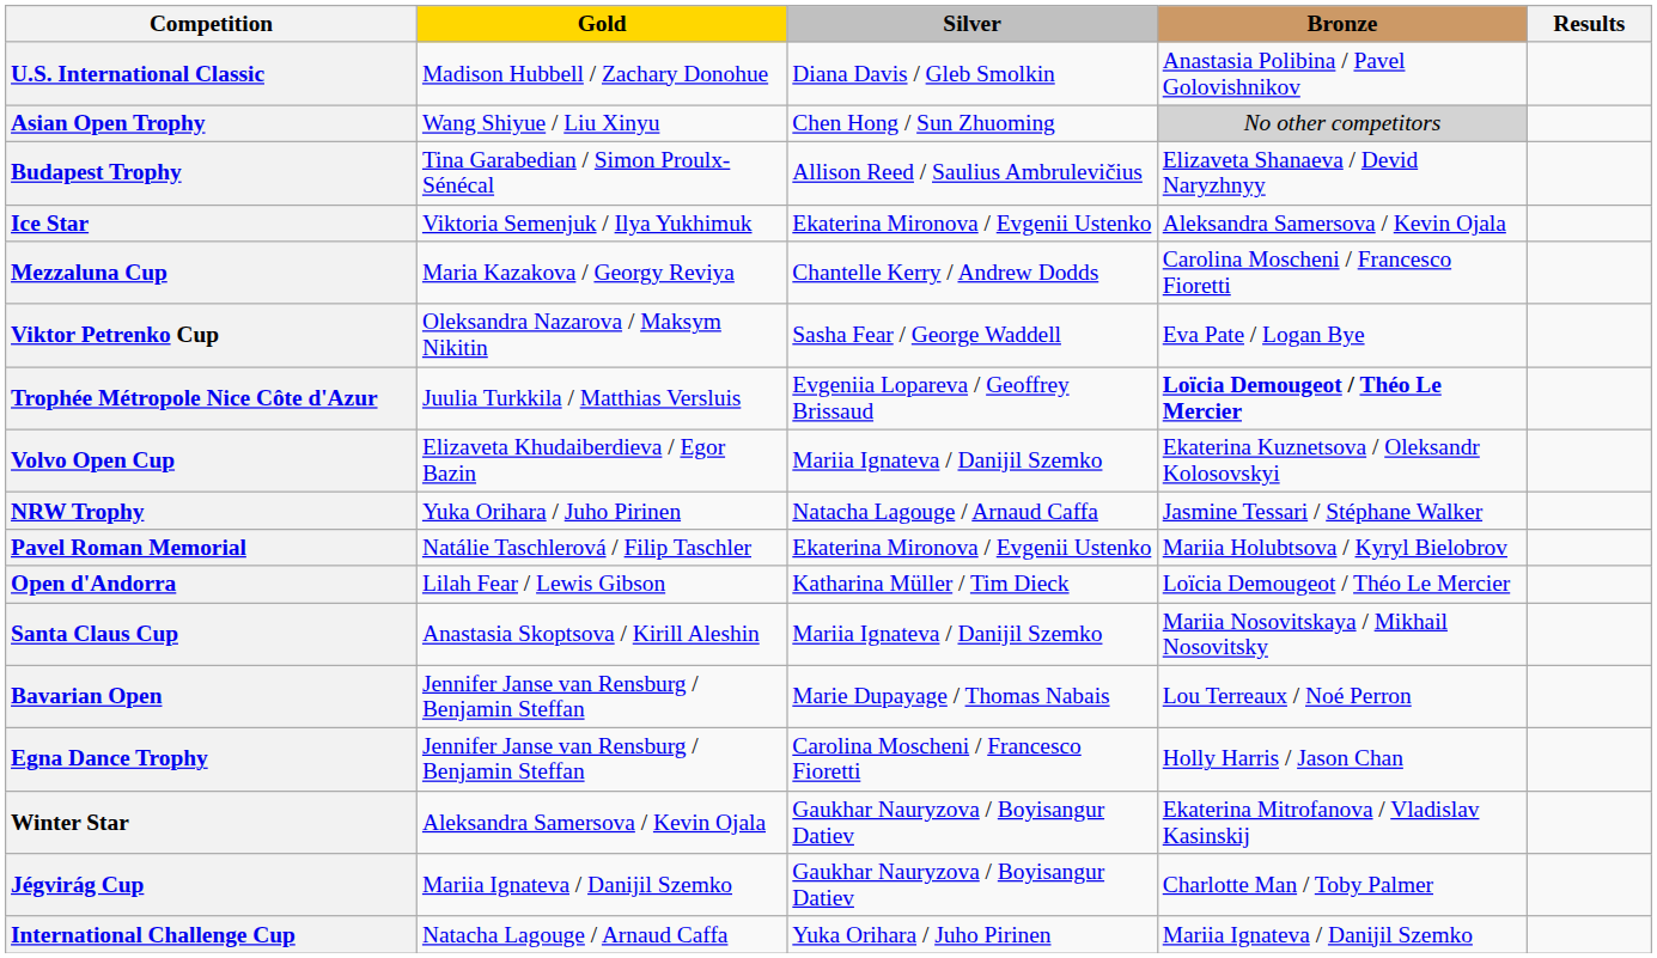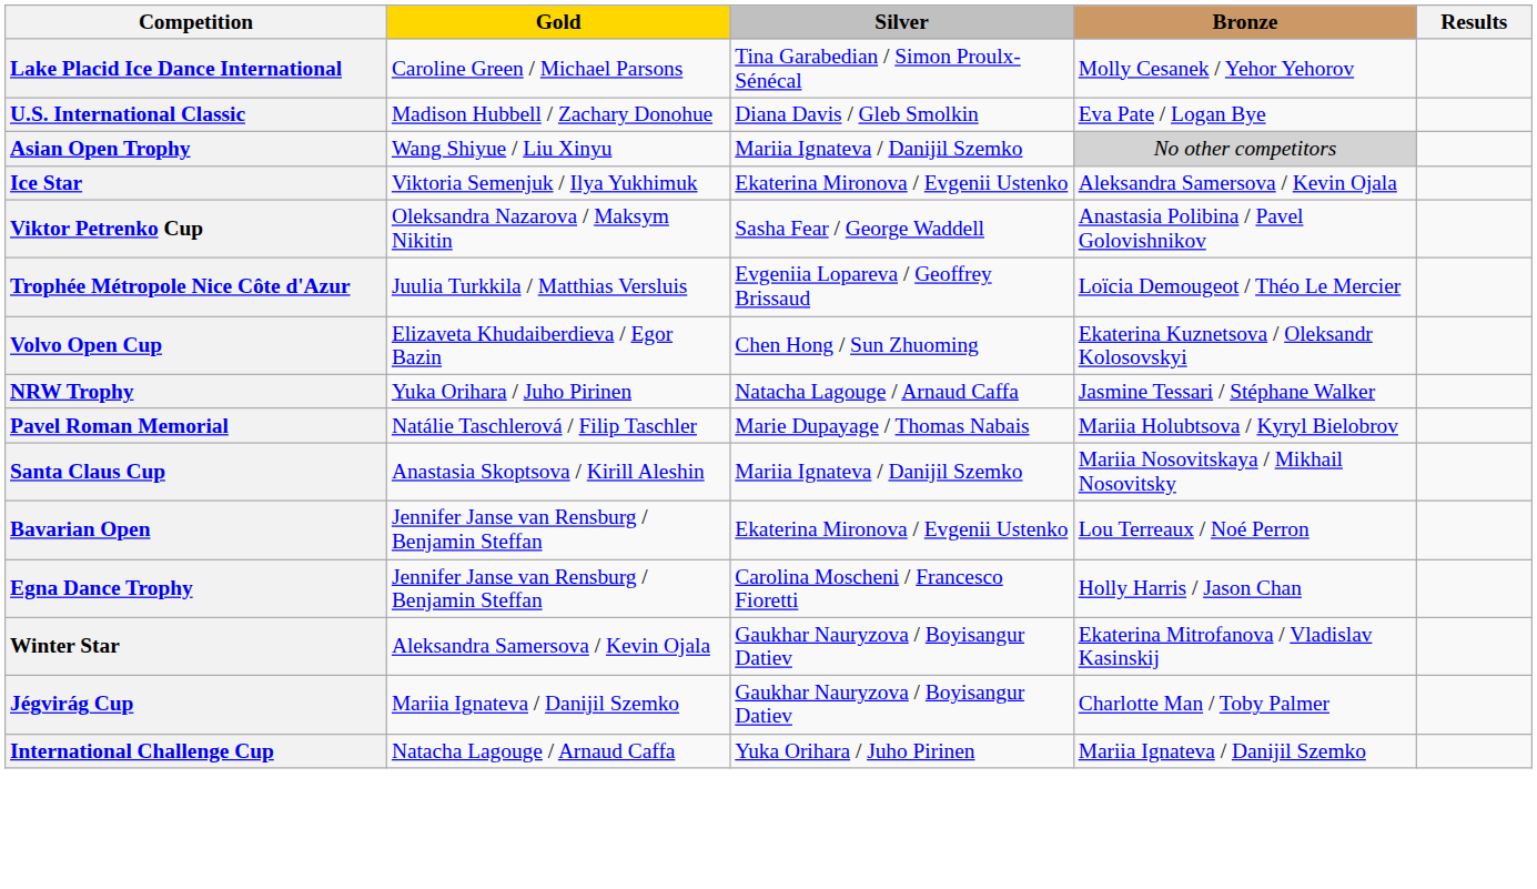 <table class="wikitable unsortable" style="text-align:left; width:90%;">
 <tr>
 <th scope="col" style="text-align:center; width:25%;">Competition</th>
 <td scope="col" style="text-align:center; width:22.5%; background:gold"><strong>Gold</strong></td>
 <td scope="col" style="text-align:center; width:22.5%; background:silver"><strong>Silver</strong></td>
 <td scope="col" style="text-align:center; width:22.5%; background:#c96"><strong>Bronze</strong></td>
 <th scope="col" style="text-align:center; width:7.5%;">Results</th>
 </tr>
 <tr>
+<th scope="row" style="text-align:left"> <a href='#'>Lake Placid Ice Dance International</a></th>
+<td> <a href='#'>Caroline Green</a> / <a href='#'>Michael Parsons</a></td>
+<td> <a href='#'>Tina Garabedian</a> / <a href='#'>Simon Proulx-Sénécal</a></td>
+<td> <a href='#'>Molly Cesanek</a> / <a href='#'>Yehor Yehorov</a></td>
+<td></td>
+</tr>
+<tr>
 <th scope="row" style="text-align:left"> <a href='#'>U.S. International Classic</a></th>
 <td> <a href='#'>Madison Hubbell</a> / <a href='#'>Zachary Donohue</a></td>
 <td> <a href='#'>Diana Davis</a> / <a href='#'>Gleb Smolkin</a></td>
-<td> <a href='#'>Anastasia Polibina</a> / <a href='#'>Pavel Golovishnikov</a></td>
+<td> <a href='#'>Eva Pate</a> / <a href='#'>Logan Bye</a></td>
 <td></td>
 </tr>
 <tr>
 <th scope="row" style="text-align:left"> <a href='#'>Asian Open Trophy</a></th>
 <td> <a href='#'>Wang Shiyue</a> / <a href='#'>Liu Xinyu</a></td>
-<td> <a href='#'>Chen Hong</a> / <a href='#'>Sun Zhuoming</a></td>
+<td> <a href='#'>Mariia Ignateva</a> / <a href='#'>Danijil Szemko</a></td>
 <td align="center" bgcolor="lightgray"><em>No other competitors</em></td>
-<td></td>
-</tr>
-<tr>
-<th scope="row" style="text-align:left"> <a href='#'>Budapest Trophy</a></th>
-<td> <a href='#'>Tina Garabedian</a> / <a href='#'>Simon Proulx-Sénécal</a></td>
-<td> <a href='#'>Allison Reed</a> / <a href='#'>Saulius Ambrulevičius</a></td>
-<td> <a href='#'>Elizaveta Shanaeva</a> / <a href='#'>Devid Naryzhnyy</a></td>
 <td></td>
 </tr>
 <tr>
 <th scope="row" style="text-align:left"> <a href='#'>Ice Star</a></th>
 <td> <a href='#'>Viktoria Semenjuk</a> / <a href='#'>Ilya Yukhimuk</a></td>
 <td> <a href='#'>Ekaterina Mironova</a> / <a href='#'>Evgenii Ustenko</a></td>
 <td> <a href='#'>Aleksandra Samersova</a> / <a href='#'>Kevin Ojala</a></td>
 <td></td>
 </tr>
 <tr>
-<th scope="row" style="text-align:left"> <a href='#'>Mezzaluna Cup</a></th>
-<td> <a href='#'>Maria Kazakova</a> / <a href='#'>Georgy Reviya</a></td>
-<td> <a href='#'>Chantelle Kerry</a> / <a href='#'>Andrew Dodds</a></td>
-<td> <a href='#'>Carolina Moscheni</a> / <a href='#'>Francesco Fioretti</a></td>
-<td></td>
-</tr>
-<tr>
 <th scope="row" style="text-align:left"> <a href='#'>Viktor Petrenko</a> Cup</th>
 <td> <a href='#'>Oleksandra Nazarova</a> / <a href='#'>Maksym Nikitin</a></td>
 <td> <a href='#'>Sasha Fear</a> / <a href='#'>George Waddell</a></td>
-<td> <a href='#'>Eva Pate</a> / <a href='#'>Logan Bye</a></td>
+<td> <a href='#'>Anastasia Polibina</a> / <a href='#'>Pavel Golovishnikov</a></td>
 <td></td>
 </tr>
 <tr>
 <th scope="row" style="text-align:left"> <a href='#'>Trophée Métropole Nice Côte d'Azur</a></th>
 <td> <a href='#'>Juulia Turkkila</a> / <a href='#'>Matthias Versluis</a></td>
 <td> <a href='#'>Evgeniia Lopareva</a> / <a href='#'>Geoffrey Brissaud</a></td>
-<td><strong> <a href='#'>Loïcia Demougeot</a> / <a href='#'>Théo Le Mercier</a></strong></td>
+<td> <a href='#'>Loïcia Demougeot</a> / <a href='#'>Théo Le Mercier</a></td>
 <td></td>
 </tr>
 <tr>
 <th scope="row" style="text-align:left"> <a href='#'>Volvo Open Cup</a></th>
 <td> <a href='#'>Elizaveta Khudaiberdieva</a> / <a href='#'>Egor Bazin</a></td>
-<td> <a href='#'>Mariia Ignateva</a> / <a href='#'>Danijil Szemko</a></td>
+<td> <a href='#'>Chen Hong</a> / <a href='#'>Sun Zhuoming</a></td>
 <td> <a href='#'>Ekaterina Kuznetsova</a> / <a href='#'>Oleksandr Kolosovskyi</a></td>
 <td></td>
 </tr>
 <tr>
 <th scope="row" style="text-align:left"> <a href='#'>NRW Trophy</a></th>
 <td> <a href='#'>Yuka Orihara</a> / <a href='#'>Juho Pirinen</a></td>
 <td> <a href='#'>Natacha Lagouge</a> / <a href='#'>Arnaud Caffa</a></td>
 <td> <a href='#'>Jasmine Tessari</a> / <a href='#'>Stéphane Walker</a></td>
 <td></td>
 </tr>
 <tr>
 <th scope="row" style="text-align:left"> <a href='#'>Pavel Roman Memorial</a></th>
 <td> <a href='#'>Natálie Taschlerová</a> / <a href='#'>Filip Taschler</a></td>
-<td> <a href='#'>Ekaterina Mironova</a> / <a href='#'>Evgenii Ustenko</a></td>
+<td> <a href='#'>Marie Dupayage</a> / <a href='#'>Thomas Nabais</a></td>
 <td> <a href='#'>Mariia Holubtsova</a> / <a href='#'>Kyryl Bielobrov</a></td>
-<td></td>
-</tr>
-<tr>
-<th scope="row" style="text-align:left"> <a href='#'>Open d'Andorra</a></th>
-<td> <a href='#'>Lilah Fear</a> / <a href='#'>Lewis Gibson</a></td>
-<td> <a href='#'>Katharina Müller</a> / <a href='#'>Tim Dieck</a></td>
-<td> <a href='#'>Loïcia Demougeot</a> / <a href='#'>Théo Le Mercier</a></td>
 <td></td>
 </tr>
 <tr>
 <th scope="row" style="text-align:left"> <a href='#'>Santa Claus Cup</a></th>
 <td> <a href='#'>Anastasia Skoptsova</a> / <a href='#'>Kirill Aleshin</a></td>
 <td> <a href='#'>Mariia Ignateva</a> / <a href='#'>Danijil Szemko</a></td>
 <td> <a href='#'>Mariia Nosovitskaya</a> / <a href='#'>Mikhail Nosovitsky</a></td>
 <td></td>
 </tr>
 <tr>
 <th scope="row" style="text-align:left"> <a href='#'>Bavarian Open</a></th>
 <td> <a href='#'>Jennifer Janse van Rensburg</a> / <a href='#'>Benjamin Steffan</a></td>
-<td> <a href='#'>Marie Dupayage</a> / <a href='#'>Thomas Nabais</a></td>
+<td> <a href='#'>Ekaterina Mironova</a> / <a href='#'>Evgenii Ustenko</a></td>
 <td> <a href='#'>Lou Terreaux</a> / <a href='#'>Noé Perron</a></td>
 <td></td>
 </tr>
 <tr>
 <th scope="row" style="text-align:left"> <a href='#'>Egna Dance Trophy</a></th>
 <td> <a href='#'>Jennifer Janse van Rensburg</a> / <a href='#'>Benjamin Steffan</a></td>
 <td> <a href='#'>Carolina Moscheni</a> / <a href='#'>Francesco Fioretti</a></td>
 <td> <a href='#'>Holly Harris</a> / <a href='#'>Jason Chan</a></td>
 <td></td>
 </tr>
 <tr>
 <th scope="row" style="text-align:left"> Winter Star</th>
 <td> <a href='#'>Aleksandra Samersova</a> / <a href='#'>Kevin Ojala</a></td>
 <td> <a href='#'>Gaukhar Nauryzova</a> / <a href='#'>Boyisangur Datiev</a></td>
 <td> <a href='#'>Ekaterina Mitrofanova</a> / <a href='#'>Vladislav Kasinskij</a></td>
 <td></td>
 </tr>
 <tr>
 <th scope="row" style="text-align:left"> <a href='#'>Jégvirág Cup</a></th>
 <td> <a href='#'>Mariia Ignateva</a> / <a href='#'>Danijil Szemko</a></td>
 <td> <a href='#'>Gaukhar Nauryzova</a> / <a href='#'>Boyisangur Datiev</a></td>
 <td> <a href='#'>Charlotte Man</a> / <a href='#'>Toby Palmer</a></td>
 <td></td>
 </tr>
 <tr>
 <th scope="row" style="text-align:left"> <a href='#'>International Challenge Cup</a></th>
 <td> <a href='#'>Natacha Lagouge</a> / <a href='#'>Arnaud Caffa</a></td>
 <td> <a href='#'>Yuka Orihara</a> / <a href='#'>Juho Pirinen</a></td>
 <td> <a href='#'>Mariia Ignateva</a> / <a href='#'>Danijil Szemko</a></td>
 <td></td>
 </tr>
 </table>
